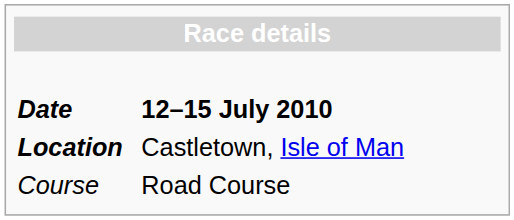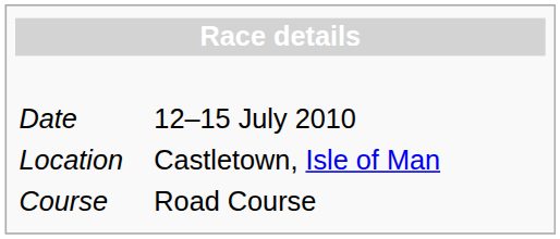 <table class="infobox" align="right" cellpadding="2" style="float:right; width: 20em;">
 <tr>
 </tr>
 <tr>
 <th colspan="3" style="background:lightgrey; color:#ffffff;">Race details</th>
 </tr>
 <tr>
 <td colspan="3" style="text-align:center;"><br></td>
 </tr>
 <tr>
-<td style="width: 25%;"><strong><em>Date</em></strong></td>
-<td><strong>12–15 July 2010</strong></td>
+<td style="width: 25%;"><em>Date</em></td>
+<td>12–15 July 2010</td>
 </tr>
 <tr>
-<td><strong><em>Location</em></strong></td>
+<td><em>Location</em></td>
 <td colspan=3>Castletown, <a href='#'>Isle of Man</a></td>
 </tr>
 <tr>
 <td><em>Course</em></td>
 <td colspan=3>Road Course <br> </td>
 </tr>
 <tr>
 </tr>
 </table>
